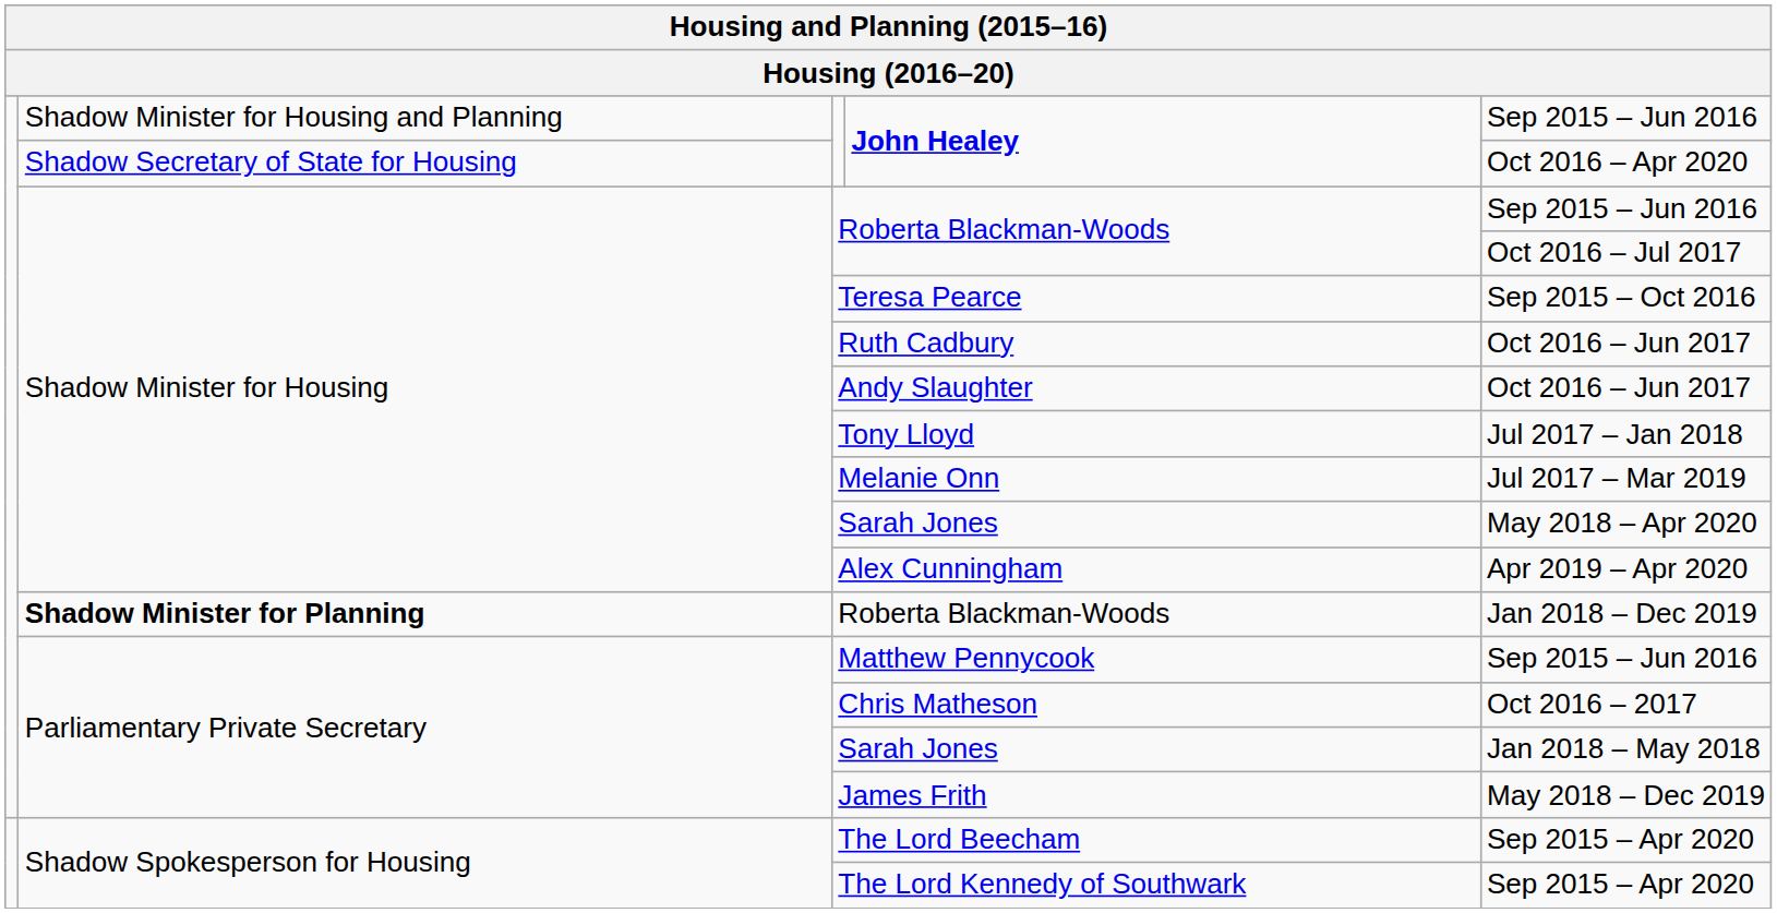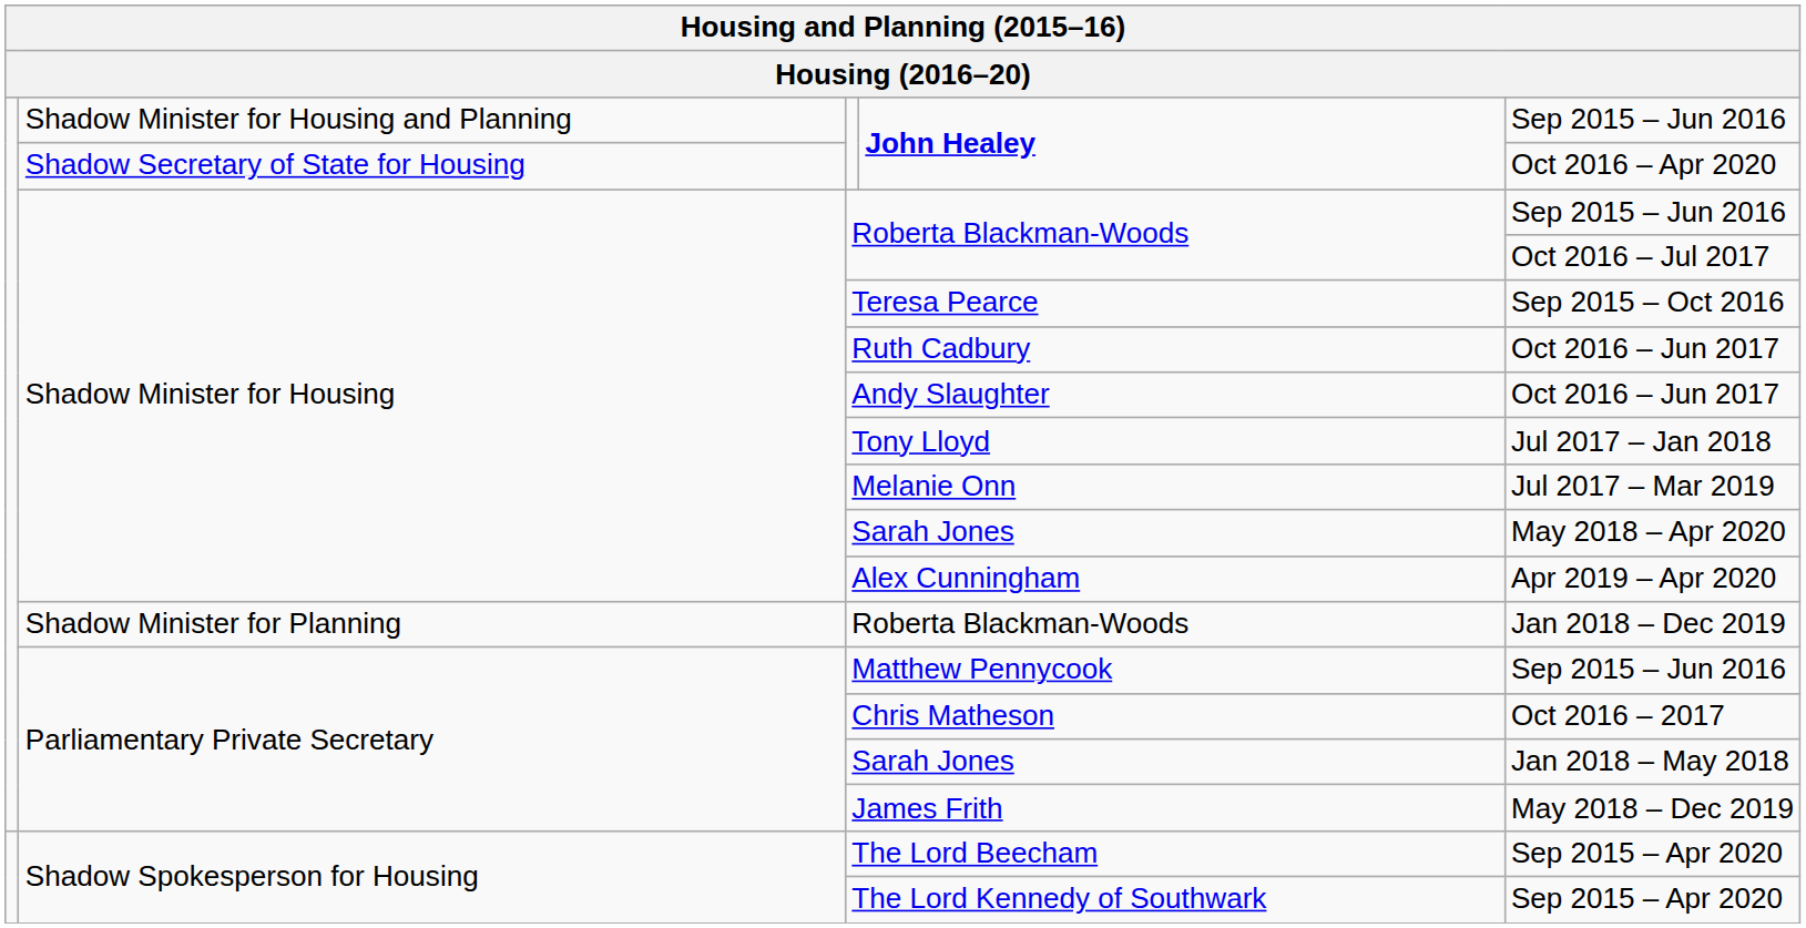 <table class="wikitable">
 <tr>
 <th colspan="5">Housing and Planning (2015–16)</th>
 </tr>
 <tr>
 <th colspan="5">Housing (2016–20)</th>
 </tr>
 <tr>
 <td rowspan="16" style="background: "></td>
 <td style="width: 450px;">Shadow Minister for Housing and Planning</td>
 <td rowspan="2" style="background: "></td>
 <td rowspan="2" style="width: 350px;"><a href='#'><strong>John Healey</strong></a></td>
 <td>Sep 2015 – Jun 2016</td>
 </tr>
 <tr>
 <td><a href='#'>Shadow Secretary of State for Housing</a></td>
 <td>Oct 2016 – Apr 2020</td>
 </tr>
 <tr>
 <td rowspan="9">Shadow Minister for Housing</td>
 <td colspan="2" rowspan="2"><a href='#'>Roberta Blackman-Woods</a></td>
 <td>Sep 2015 – Jun 2016</td>
 </tr>
 <tr>
 <td>Oct 2016 – Jul 2017</td>
 </tr>
 <tr>
 <td colspan="2"><a href='#'>Teresa Pearce</a></td>
 <td>Sep 2015 – Oct 2016</td>
 </tr>
 <tr>
 <td colspan="2"><a href='#'>Ruth Cadbury</a></td>
 <td>Oct 2016 – Jun 2017</td>
 </tr>
 <tr>
 <td colspan="2"><a href='#'>Andy Slaughter</a></td>
 <td>Oct 2016 – Jun 2017</td>
 </tr>
 <tr>
 <td colspan="2"><a href='#'>Tony Lloyd</a></td>
 <td>Jul 2017 – Jan 2018</td>
 </tr>
 <tr>
 <td colspan="2"><a href='#'>Melanie Onn</a></td>
 <td>Jul 2017 – Mar 2019</td>
 </tr>
 <tr>
 <td colspan="2"><a href='#'>Sarah Jones</a></td>
 <td>May 2018 – Apr 2020</td>
 </tr>
 <tr>
 <td colspan="2"><a href='#'>Alex Cunningham</a></td>
 <td>Apr 2019 – Apr 2020</td>
 </tr>
 <tr>
-<td><strong>Shadow Minister for Planning</strong></td>
+<td>Shadow Minister for Planning</td>
 <td colspan="2">Roberta Blackman-Woods</td>
 <td>Jan 2018 – Dec 2019</td>
 </tr>
 <tr>
 <td rowspan="4">Parliamentary Private Secretary</td>
 <td colspan="2"><a href='#'>Matthew Pennycook</a></td>
 <td>Sep 2015 – Jun 2016</td>
 </tr>
 <tr>
 <td colspan="2"><a href='#'>Chris Matheson</a></td>
 <td>Oct 2016 – 2017</td>
 </tr>
 <tr>
 <td colspan="2"><a href='#'>Sarah Jones</a></td>
 <td>Jan 2018 – May 2018</td>
 </tr>
 <tr>
 <td colspan="2"><a href='#'>James Frith</a></td>
 <td>May 2018 – Dec 2019</td>
 </tr>
 <tr>
 <td rowspan="2" style="background: "></td>
 <td rowspan="2">Shadow Spokesperson for Housing</td>
 <td colspan="2"><a href='#'>The Lord Beecham</a></td>
 <td>Sep 2015 – Apr 2020</td>
 </tr>
 <tr>
 <td colspan="2"><a href='#'>The Lord Kennedy of Southwark</a></td>
 <td>Sep 2015 – Apr 2020</td>
 </tr>
 </table>
